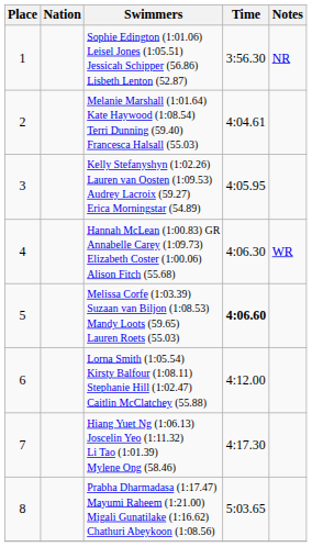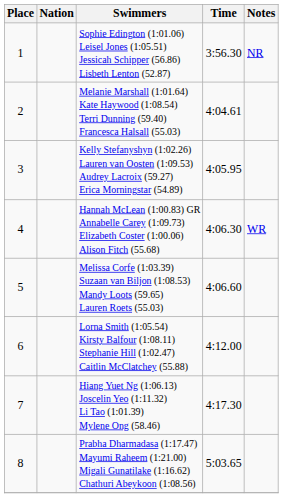 <table class="wikitable">
 <tr>
 <th>Place</th>
 <th>Nation</th>
 <th>Swimmers</th>
 <th>Time</th>
 <th>Notes</th>
 </tr>
 <tr>
 <td align=center>1</td>
 <td></td>
 <td><small><a href='#'>Sophie Edington</a> (1:01.06) <br> <a href='#'>Leisel Jones</a> (1:05.51) <br> <a href='#'>Jessicah Schipper</a> (56.86) <br> <a href='#'>Lisbeth Lenton</a> (52.87) </small></td>
 <td>3:56.30</td>
 <td><a href='#'>NR</a></td>
 </tr>
 <tr>
 <td align=center>2</td>
 <td></td>
 <td><small><a href='#'>Melanie Marshall</a> (1:01.64) <br> <a href='#'>Kate Haywood</a> (1:08.54) <br> <a href='#'>Terri Dunning</a> (59.40) <br> <a href='#'>Francesca Halsall</a> (55.03) </small></td>
 <td>4:04.61</td>
 <td></td>
 </tr>
 <tr>
 <td align=center>3</td>
 <td></td>
 <td><small><a href='#'>Kelly Stefanyshyn</a> (1:02.26) <br> <a href='#'>Lauren van Oosten</a> (1:09.53) <br> <a href='#'>Audrey Lacroix</a> (59.27) <br> <a href='#'>Erica Morningstar</a> (54.89) </small></td>
 <td>4:05.95</td>
 <td></td>
 </tr>
 <tr>
 <td align=center>4</td>
 <td></td>
 <td><small><a href='#'>Hannah McLean</a> (1:00.83) GR <br> <a href='#'>Annabelle Carey</a> (1:09.73) <br> <a href='#'>Elizabeth Coster</a> (1:00.06) <br> <a href='#'>Alison Fitch</a> (55.68) </small></td>
 <td>4:06.30</td>
 <td><a href='#'>WR</a></td>
 </tr>
 <tr>
 <td align=center>5</td>
 <td></td>
 <td><small><a href='#'>Melissa Corfe</a> (1:03.39) <br> <a href='#'>Suzaan van Biljon</a> (1:08.53) <br> <a href='#'>Mandy Loots</a> (59.65) <br> <a href='#'>Lauren Roets</a> (55.03) </small></td>
-<td><strong>4:06.60</strong></td>
+<td>4:06.60</td>
 <td></td>
 </tr>
 <tr>
 <td align=center>6</td>
 <td></td>
 <td><small><a href='#'>Lorna Smith</a> (1:05.54) <br> <a href='#'>Kirsty Balfour</a> (1:08.11) <br> <a href='#'>Stephanie Hill</a> (1:02.47) <br> <a href='#'>Caitlin McClatchey</a> (55.88) </small></td>
 <td>4:12.00</td>
 <td></td>
 </tr>
 <tr>
 <td align=center>7</td>
 <td></td>
 <td><small><a href='#'>Hiang Yuet Ng</a> (1:06.13) <br> <a href='#'>Joscelin Yeo</a> (1:11.32) <br> <a href='#'>Li Tao</a> (1:01.39) <br> <a href='#'>Mylene Ong</a> (58.46) </small></td>
 <td>4:17.30</td>
 <td></td>
 </tr>
 <tr>
 <td align=center>8</td>
 <td></td>
 <td><small><a href='#'>Prabha Dharmadasa</a> (1:17.47) <br> <a href='#'>Mayumi Raheem</a> (1:21.00) <br> <a href='#'>Migali Gunatilake</a> (1:16.62) <br> <a href='#'>Chathuri Abeykoon</a> (1:08.56) </small></td>
 <td>5:03.65</td>
 <td></td>
 </tr>
 <tr>
 </tr>
 </table>
